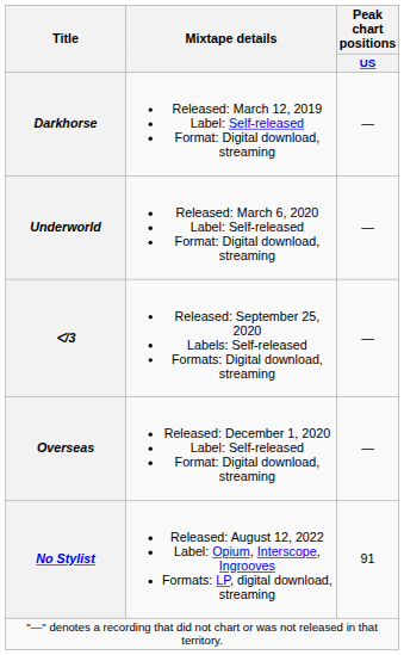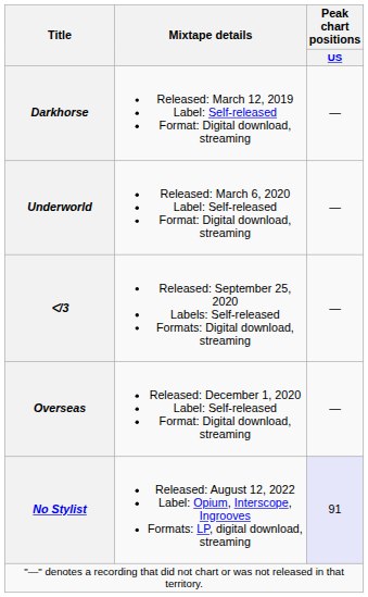 <table class="wikitable plainrowheaders" style="text-align:center;">
 <tr>
 <th scope="col" rowspan="2" style="width:9em;">Title</th>
 <th scope="col" rowspan="2" style="width:16em;">Mixtape details</th>
 <th scope="col">Peak chart positions</th>
 </tr>
 <tr>
 <th scope="col" style="width:3em;font-size:90%;"><a href='#'>US</a><br></th>
 </tr>
 <tr>
 <th scope="row"><em>Darkhorse</em></th>
 <td><br><ul><li>Released: March 12, 2019</li><li>Label: <a href='#'>Self-released</a></li><li>Format: Digital download, streaming</li></ul></td>
 <td>—</td>
 </tr>
 <tr>
 <th scope="row"><em>Underworld</em></th>
 <td><br><ul><li>Released: March 6, 2020</li><li>Label: Self-released</li><li>Format: Digital download, streaming</li></ul></td>
 <td>—</td>
 </tr>
 <tr>
 <th scope="row"><em>ᐸ/3</em></th>
 <td><br><ul><li>Released: September 25, 2020</li><li>Labels: Self-released</li><li>Formats: Digital download, streaming</li></ul></td>
 <td>—</td>
 </tr>
 <tr>
 <th scope="row"><em>Overseas</em></th>
 <td><br><ul><li>Released: December 1, 2020</li><li>Label: Self-released</li><li>Format: Digital download, streaming</li></ul></td>
 <td>—</td>
 </tr>
 <tr>
 <th scope="row"><em><a href='#'>No Stylist</a></em></th>
 <td><br><ul><li>Released: August 12, 2022</li><li>Label: <a href='#'>Opium</a>, <a href='#'>Interscope</a>, <a href='#'>Ingrooves</a></li><li>Formats: <a href='#'>LP</a>, digital download, streaming</li></ul></td>
-<td>91</td>
+<td style="background: lavender;">91</td>
 </tr>
 <tr>
 <td colspan="15" style="font-size:90%">"—" denotes a recording that did not chart or was not released in that territory.</td>
 </tr>
 </table>
